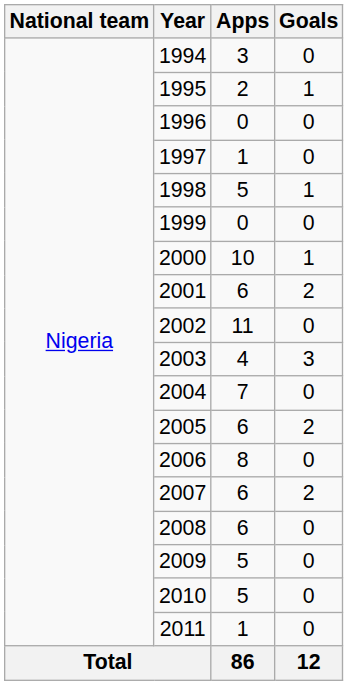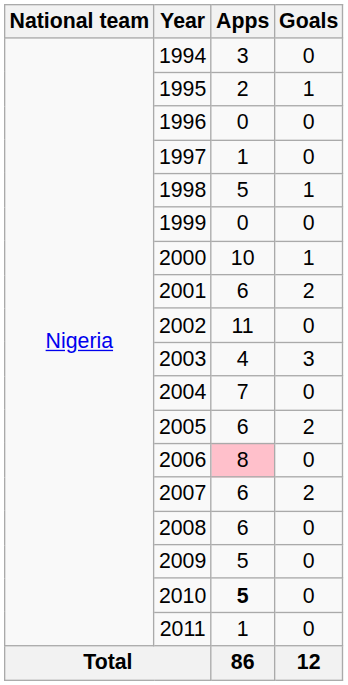 <table class="wikitable" style="text-align:center">
 <tr>
 <th>National team</th>
 <th>Year</th>
 <th>Apps</th>
 <th>Goals</th>
 </tr>
 <tr>
 <td rowspan="18"><a href='#'>Nigeria</a></td>
 <td>1994</td>
 <td>3</td>
 <td>0</td>
 </tr>
 <tr>
 <td>1995</td>
 <td>2</td>
 <td>1</td>
 </tr>
 <tr>
 <td>1996</td>
 <td>0</td>
 <td>0</td>
 </tr>
 <tr>
 <td>1997</td>
 <td>1</td>
 <td>0</td>
 </tr>
 <tr>
 <td>1998</td>
 <td>5</td>
 <td>1</td>
 </tr>
 <tr>
 <td>1999</td>
 <td>0</td>
 <td>0</td>
 </tr>
 <tr>
 <td>2000</td>
 <td>10</td>
 <td>1</td>
 </tr>
 <tr>
 <td>2001</td>
 <td>6</td>
 <td>2</td>
 </tr>
 <tr>
 <td>2002</td>
 <td>11</td>
 <td>0</td>
 </tr>
 <tr>
 <td>2003</td>
 <td>4</td>
 <td>3</td>
 </tr>
 <tr>
 <td>2004</td>
 <td>7</td>
 <td>0</td>
 </tr>
 <tr>
 <td>2005</td>
 <td>6</td>
 <td>2</td>
 </tr>
 <tr>
 <td>2006</td>
-<td>8</td>
+<td style="background: pink;">8</td>
 <td>0</td>
 </tr>
 <tr>
 <td>2007</td>
 <td>6</td>
 <td>2</td>
 </tr>
 <tr>
 <td>2008</td>
 <td>6</td>
 <td>0</td>
 </tr>
 <tr>
 <td>2009</td>
 <td>5</td>
 <td>0</td>
 </tr>
 <tr>
 <td>2010</td>
-<td>5</td>
+<td><strong>5</strong></td>
 <td>0</td>
 </tr>
 <tr>
 <td>2011</td>
 <td>1</td>
 <td>0</td>
 </tr>
 <tr>
 <th colspan="2">Total</th>
 <th>86</th>
 <th>12</th>
 </tr>
 </table>
